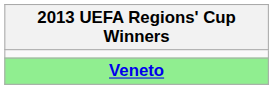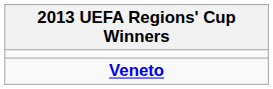 <table class="wikitable" style="text-align: center; margin: 0 auto; width: 20%">
 <tr>
 <th>2013 UEFA Regions' Cup<br>Winners</th>
 </tr>
 <tr>
 <td> </td>
 </tr>
 <tr>
-<td style="background: lightgreen;"><strong><a href='#'>Veneto</a></strong></td>
+<td><strong><a href='#'>Veneto</a></strong></td>
 </tr>
 </table>
